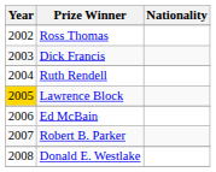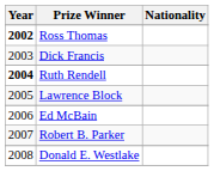 <table class="wikitable">
 <tr>
 <th>Year</th>
 <th>Prize Winner</th>
 <th>Nationality</th>
 </tr>
 <tr>
 </tr>
 <tr bgcolor=#ffffff>
-<td>2002</td>
+<td><strong>2002</strong></td>
 <td><a href='#'>Ross Thomas</a></td>
 <td></td>
 </tr>
 <tr>
 <td>2003</td>
 <td><a href='#'>Dick Francis</a></td>
 <td></td>
 </tr>
 <tr>
 </tr>
 <tr bgcolor=#ffffff>
-<td>2004</td>
+<td><strong>2004</strong></td>
 <td><a href='#'>Ruth Rendell</a></td>
 <td></td>
 </tr>
 <tr>
-<td style="background: gold;">2005</td>
+<td>2005</td>
 <td><a href='#'>Lawrence Block</a></td>
 <td></td>
 </tr>
 <tr>
 </tr>
 <tr bgcolor=#ffffff>
 <td>2006</td>
 <td><a href='#'>Ed McBain</a></td>
 <td></td>
 </tr>
 <tr>
 <td>2007</td>
 <td><a href='#'>Robert B. Parker</a></td>
 <td></td>
 </tr>
 <tr>
 </tr>
 <tr bgcolor=#ffffff>
 <td>2008</td>
 <td><a href='#'>Donald E. Westlake</a></td>
 <td></td>
 </tr>
 <tr>
 </tr>
 </table>
